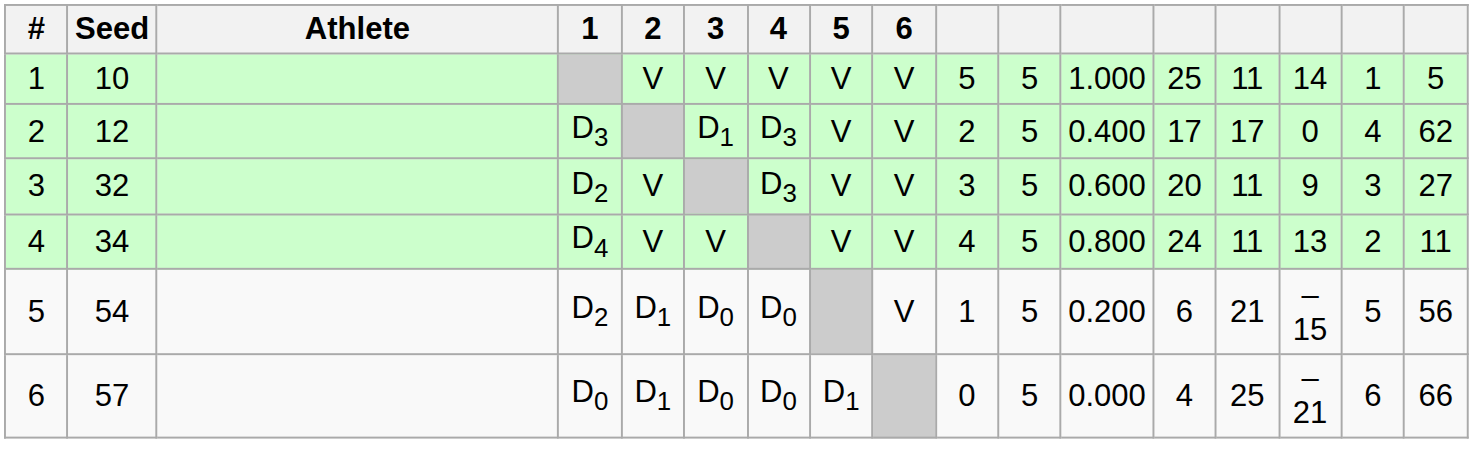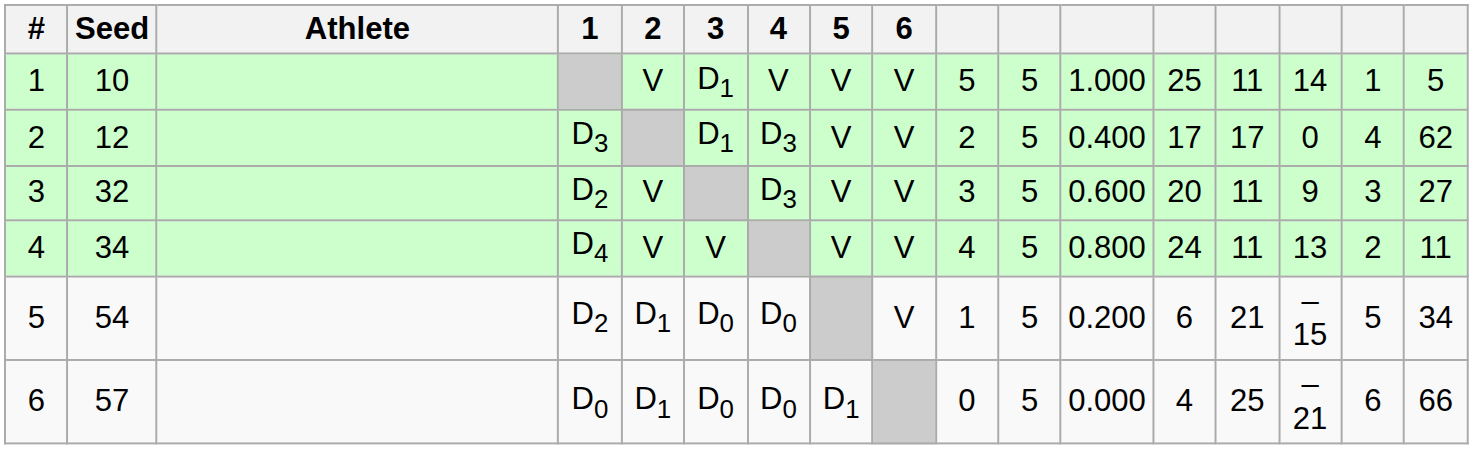 <table class="wikitable" style="text-align:center">
 <tr>
 <th width="25">#</th>
 <th width="25">Seed</th>
 <th width="200">Athlete</th>
 <th width="25">1</th>
 <th width="25">2</th>
 <th width="25">3</th>
 <th width="25">4</th>
 <th width="25">5</th>
 <th width="25">6</th>
 <th width="25"></th>
 <th width="25"></th>
 <th width="40"></th>
 <th width="25"></th>
 <th width="25"></th>
 <th width="25"></th>
 <th width="25"></th>
 <th width="25"></th>
 </tr>
 <tr bgcolor="#ccffcc">
 <td>1</td>
 <td>10</td>
 <td align=left></td>
 <td bgcolor="#cccccc"></td>
 <td>V</td>
-<td>V</td>
+<td>D<sub>1</sub></td>
 <td>V</td>
 <td>V</td>
 <td>V</td>
 <td>5</td>
 <td>5</td>
 <td>1.000</td>
 <td>25</td>
 <td>11</td>
 <td>14</td>
 <td>1</td>
 <td>5</td>
 </tr>
 <tr bgcolor="#ccffcc">
 <td>2</td>
 <td>12</td>
 <td align=left></td>
 <td>D<sub>3</sub></td>
 <td bgcolor="#cccccc"></td>
 <td>D<sub>1</sub></td>
 <td>D<sub>3</sub></td>
 <td>V</td>
 <td>V</td>
 <td>2</td>
 <td>5</td>
 <td>0.400</td>
 <td>17</td>
 <td>17</td>
 <td>0</td>
 <td>4</td>
 <td>62</td>
 </tr>
 <tr bgcolor="#ccffcc">
 <td>3</td>
 <td>32</td>
 <td align=left></td>
 <td>D<sub>2</sub></td>
 <td>V</td>
 <td bgcolor="#cccccc"></td>
 <td>D<sub>3</sub></td>
 <td>V</td>
 <td>V</td>
 <td>3</td>
 <td>5</td>
 <td>0.600</td>
 <td>20</td>
 <td>11</td>
 <td>9</td>
 <td>3</td>
 <td>27</td>
 </tr>
 <tr bgcolor="#ccffcc">
 <td>4</td>
 <td>34</td>
 <td align=left></td>
 <td>D<sub>4</sub></td>
 <td>V</td>
 <td>V</td>
 <td bgcolor="#cccccc"></td>
 <td>V</td>
 <td>V</td>
 <td>4</td>
 <td>5</td>
 <td>0.800</td>
 <td>24</td>
 <td>11</td>
 <td>13</td>
 <td>2</td>
 <td>11</td>
 </tr>
 <tr>
 <td>5</td>
 <td>54</td>
 <td align=left></td>
 <td>D<sub>2</sub></td>
 <td>D<sub>1</sub></td>
 <td>D<sub>0</sub></td>
 <td>D<sub>0</sub></td>
 <td bgcolor="#cccccc"></td>
 <td>V</td>
 <td>1</td>
 <td>5</td>
 <td>0.200</td>
 <td>6</td>
 <td>21</td>
 <td>–15</td>
 <td>5</td>
-<td>56</td>
+<td>34</td>
 </tr>
 <tr>
 <td>6</td>
 <td>57</td>
 <td align=left></td>
 <td>D<sub>0</sub></td>
 <td>D<sub>1</sub></td>
 <td>D<sub>0</sub></td>
 <td>D<sub>0</sub></td>
 <td>D<sub>1</sub></td>
 <td bgcolor="#cccccc"></td>
 <td>0</td>
 <td>5</td>
 <td>0.000</td>
 <td>4</td>
 <td>25</td>
 <td>–21</td>
 <td>6</td>
 <td>66</td>
 </tr>
 </table>
